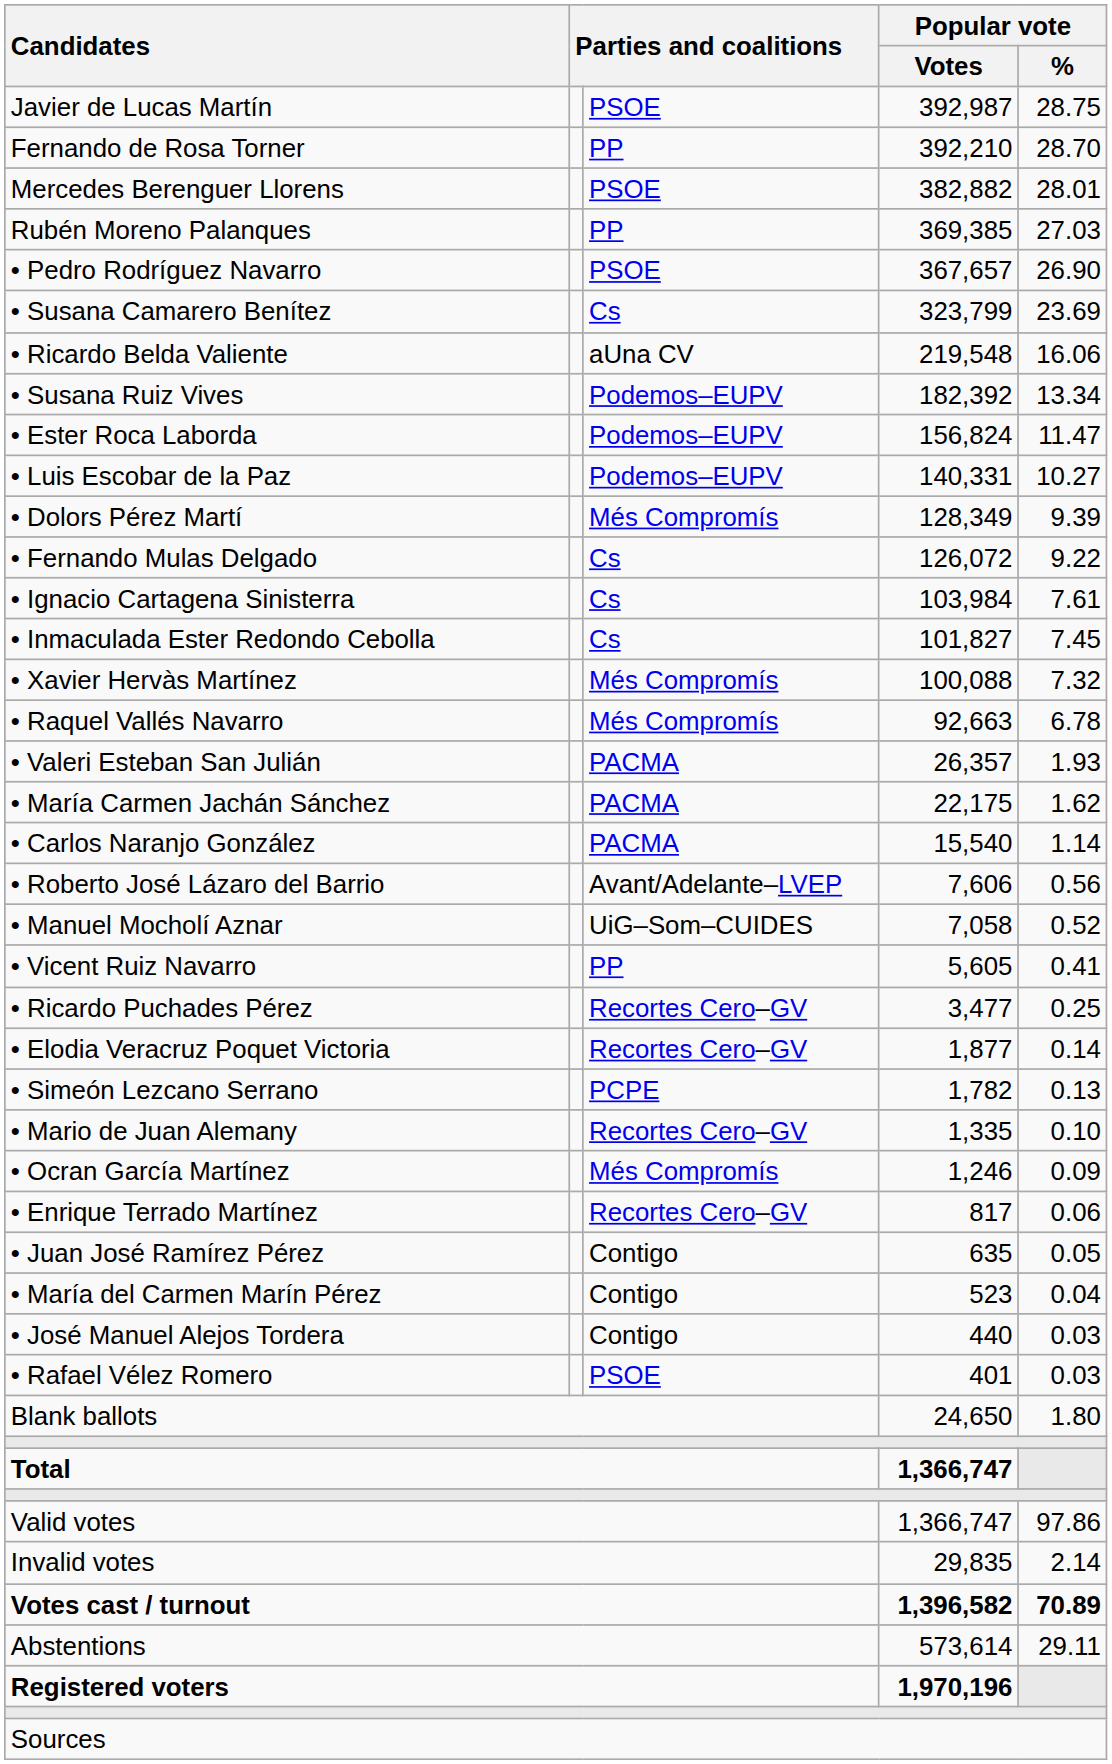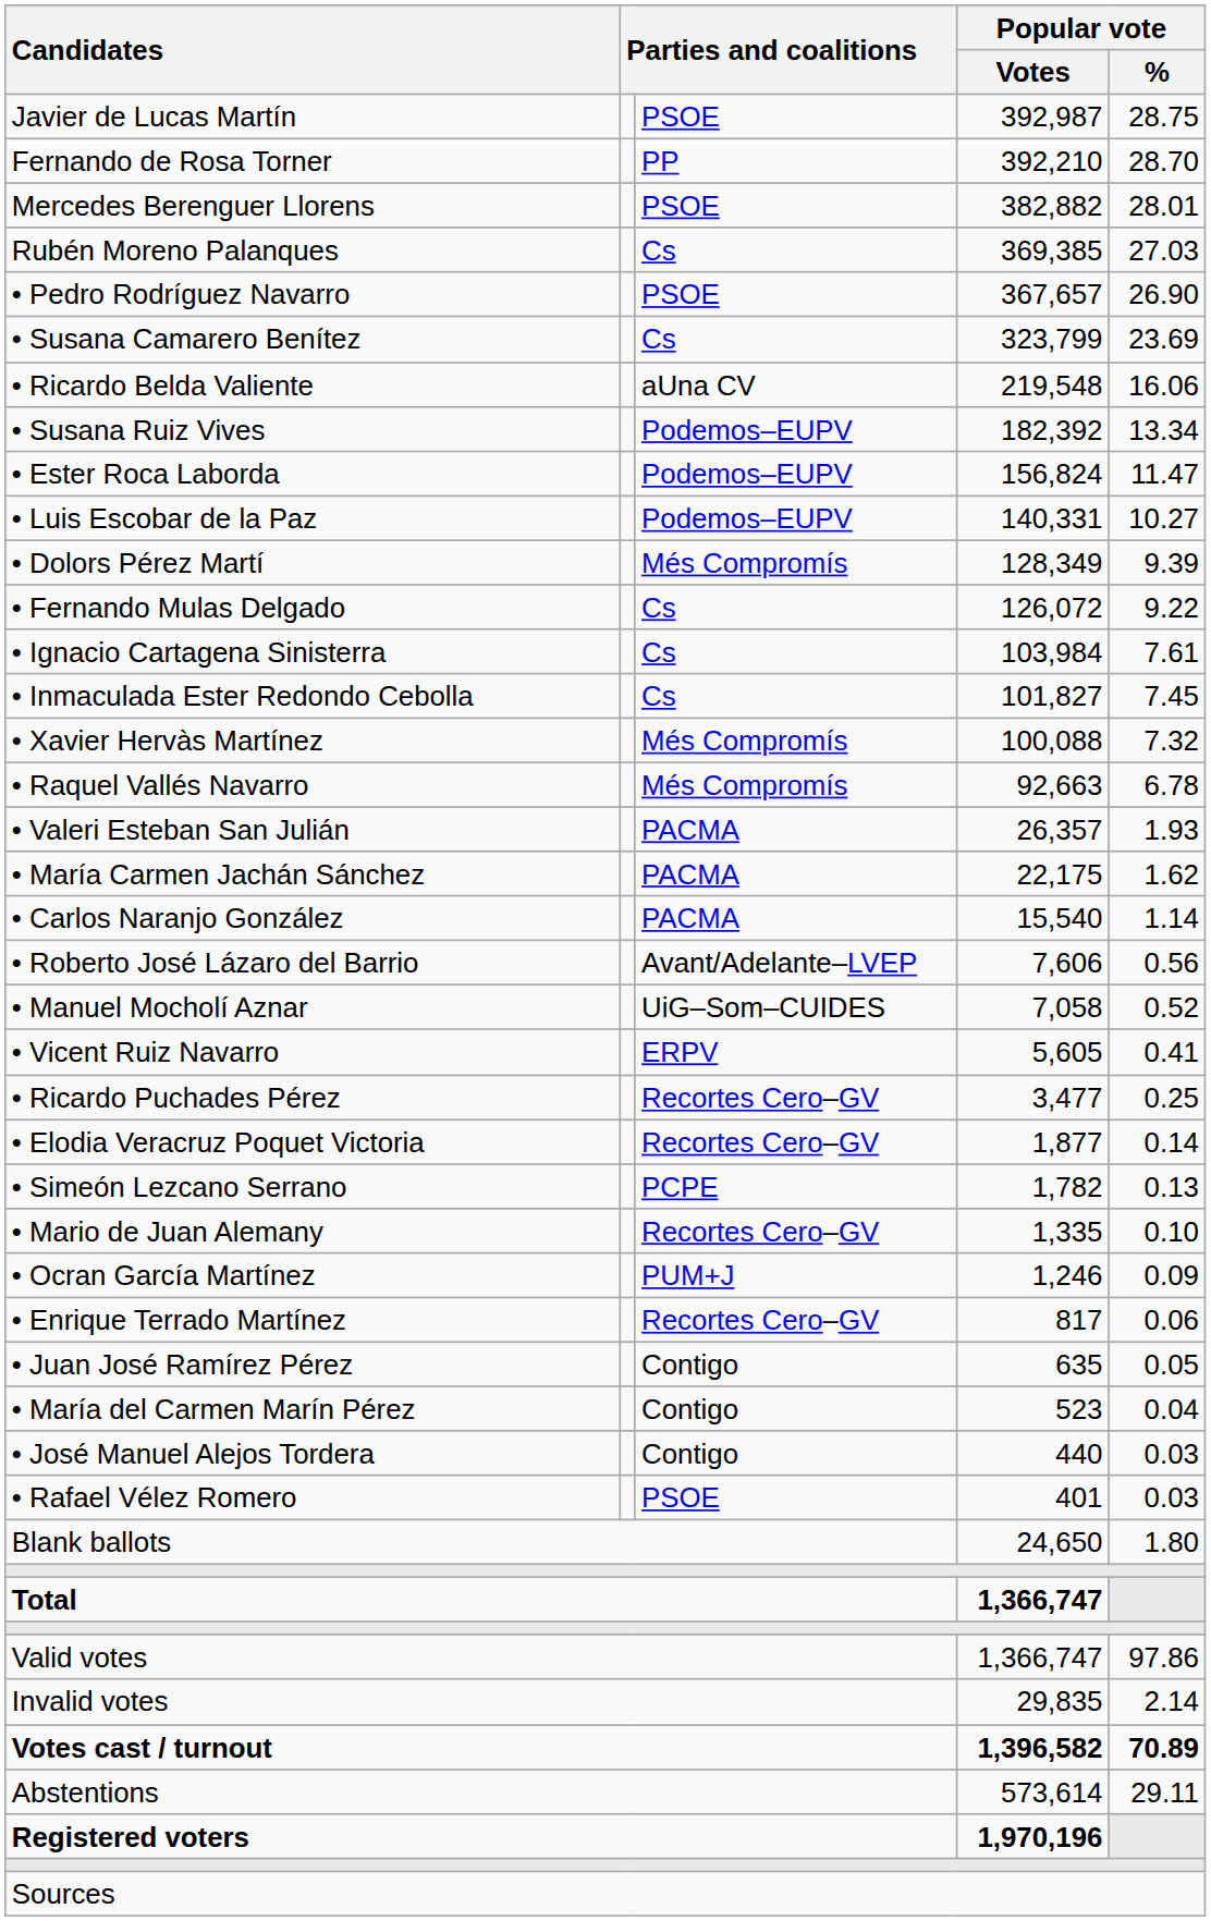 <table class="wikitable" style="text-align:right; font-size:95%;">
 <tr>
 <th style="text-align:left;" rowspan="2" width="325">Candidates</th>
 <th style="text-align:left;" rowspan="2" colspan="2" width="175">Parties and coalitions</th>
 <th colspan="2">Popular vote</th>
 </tr>
 <tr>
 <th width="75">Votes</th>
 <th width="45">%</th>
 </tr>
 <tr>
 <td align="left"> Javier de Lucas Martín</td>
 <td width="1" style="color:inherit;background:"></td>
 <td align="left"><a href='#'>PSOE</a></td>
 <td>392,987</td>
 <td>28.75</td>
 </tr>
 <tr>
 <td align="left"> Fernando de Rosa Torner</td>
 <td style="color:inherit;background:"></td>
 <td align="left"><a href='#'>PP</a></td>
 <td>392,210</td>
 <td>28.70</td>
 </tr>
 <tr>
 <td align="left"> Mercedes Berenguer Llorens</td>
 <td style="color:inherit;background:"></td>
 <td align="left"><a href='#'>PSOE</a></td>
 <td>382,882</td>
 <td>28.01</td>
 </tr>
 <tr>
 <td align="left"> Rubén Moreno Palanques</td>
 <td style="color:inherit;background:"></td>
-<td align="left"><a href='#'>PP</a></td>
+<td align="left"><a href='#'>Cs</a></td>
 <td>369,385</td>
 <td>27.03</td>
 </tr>
 <tr>
 <td align="left">• Pedro Rodríguez Navarro</td>
 <td style="color:inherit;background:"></td>
 <td align="left"><a href='#'>PSOE</a></td>
 <td>367,657</td>
 <td>26.90</td>
 </tr>
 <tr>
 <td align="left">• Susana Camarero Benítez</td>
 <td style="color:inherit;background:"></td>
 <td align="left"><a href='#'>Cs</a></td>
 <td>323,799</td>
 <td>23.69</td>
 </tr>
 <tr>
 <td align="left">• Ricardo Belda Valiente</td>
 <td style="color:inherit;background:"></td>
 <td align="left">aUna CV</td>
 <td>219,548</td>
 <td>16.06</td>
 </tr>
 <tr>
 <td align="left">• Susana Ruiz Vives</td>
 <td style="color:inherit;background:"></td>
 <td align="left"><a href='#'>Podemos–EUPV</a></td>
 <td>182,392</td>
 <td>13.34</td>
 </tr>
 <tr>
 <td align="left">• Ester Roca Laborda</td>
 <td style="color:inherit;background:"></td>
 <td align="left"><a href='#'>Podemos–EUPV</a></td>
 <td>156,824</td>
 <td>11.47</td>
 </tr>
 <tr>
 <td align="left">• Luis Escobar de la Paz</td>
 <td style="color:inherit;background:"></td>
 <td align="left"><a href='#'>Podemos–EUPV</a></td>
 <td>140,331</td>
 <td>10.27</td>
 </tr>
 <tr>
 <td align="left">• Dolors Pérez Martí</td>
 <td style="color:inherit;background:"></td>
 <td align="left"><a href='#'>Més Compromís</a></td>
 <td>128,349</td>
 <td>9.39</td>
 </tr>
 <tr>
 <td align="left">• Fernando Mulas Delgado</td>
 <td style="color:inherit;background:"></td>
 <td align="left"><a href='#'>Cs</a></td>
 <td>126,072</td>
 <td>9.22</td>
 </tr>
 <tr>
 <td align="left">• Ignacio Cartagena Sinisterra</td>
 <td style="color:inherit;background:"></td>
 <td align="left"><a href='#'>Cs</a></td>
 <td>103,984</td>
 <td>7.61</td>
 </tr>
 <tr>
 <td align="left">• Inmaculada Ester Redondo Cebolla</td>
 <td style="color:inherit;background:"></td>
 <td align="left"><a href='#'>Cs</a></td>
 <td>101,827</td>
 <td>7.45</td>
 </tr>
 <tr>
 <td align="left">• Xavier Hervàs Martínez</td>
 <td style="color:inherit;background:"></td>
 <td align="left"><a href='#'>Més Compromís</a></td>
 <td>100,088</td>
 <td>7.32</td>
 </tr>
 <tr>
 <td align="left">• Raquel Vallés Navarro</td>
 <td style="color:inherit;background:"></td>
 <td align="left"><a href='#'>Més Compromís</a></td>
 <td>92,663</td>
 <td>6.78</td>
 </tr>
 <tr>
 <td align="left">• Valeri Esteban San Julián</td>
 <td style="color:inherit;background:"></td>
 <td align="left"><a href='#'>PACMA</a></td>
 <td>26,357</td>
 <td>1.93</td>
 </tr>
 <tr>
 <td align="left">• María Carmen Jachán Sánchez</td>
 <td style="color:inherit;background:"></td>
 <td align="left"><a href='#'>PACMA</a></td>
 <td>22,175</td>
 <td>1.62</td>
 </tr>
 <tr>
 <td align="left">• Carlos Naranjo González</td>
 <td style="color:inherit;background:"></td>
 <td align="left"><a href='#'>PACMA</a></td>
 <td>15,540</td>
 <td>1.14</td>
 </tr>
 <tr>
 <td align="left">• Roberto José Lázaro del Barrio</td>
 <td style="color:inherit;background:"></td>
 <td align="left">Avant/Adelante–<a href='#'>LVEP</a></td>
 <td>7,606</td>
 <td>0.56</td>
 </tr>
 <tr>
 <td align="left">• Manuel Mocholí Aznar</td>
 <td style="color:inherit;background:"></td>
 <td align="left">UiG–Som–CUIDES</td>
 <td>7,058</td>
 <td>0.52</td>
 </tr>
 <tr>
 <td align="left">• Vicent Ruiz Navarro</td>
 <td style="color:inherit;background:"></td>
-<td align="left"><a href='#'>PP</a></td>
+<td align="left"><a href='#'>ERPV</a></td>
 <td>5,605</td>
 <td>0.41</td>
 </tr>
 <tr>
 <td align="left">• Ricardo Puchades Pérez</td>
 <td style="color:inherit;background:"></td>
 <td align="left"><a href='#'>Recortes Cero</a>–<a href='#'>GV</a></td>
 <td>3,477</td>
 <td>0.25</td>
 </tr>
 <tr>
 <td align="left">• Elodia Veracruz Poquet Victoria</td>
 <td style="color:inherit;background:"></td>
 <td align="left"><a href='#'>Recortes Cero</a>–<a href='#'>GV</a></td>
 <td>1,877</td>
 <td>0.14</td>
 </tr>
 <tr>
 <td align="left">• Simeón Lezcano Serrano</td>
 <td style="color:inherit;background:"></td>
 <td align="left"><a href='#'>PCPE</a></td>
 <td>1,782</td>
 <td>0.13</td>
 </tr>
 <tr>
 <td align="left">• Mario de Juan Alemany</td>
 <td style="color:inherit;background:"></td>
 <td align="left"><a href='#'>Recortes Cero</a>–<a href='#'>GV</a></td>
 <td>1,335</td>
 <td>0.10</td>
 </tr>
 <tr>
 <td align="left">• Ocran García Martínez</td>
 <td style="color:inherit;background:"></td>
-<td align="left"><a href='#'>Més Compromís</a></td>
+<td align="left"><a href='#'>PUM+J</a></td>
 <td>1,246</td>
 <td>0.09</td>
 </tr>
 <tr>
 <td align="left">• Enrique Terrado Martínez</td>
 <td style="color:inherit;background:"></td>
 <td align="left"><a href='#'>Recortes Cero</a>–<a href='#'>GV</a></td>
 <td>817</td>
 <td>0.06</td>
 </tr>
 <tr>
 <td align="left">• Juan José Ramírez Pérez</td>
 <td style="color:inherit;background:"></td>
 <td align="left">Contigo</td>
 <td>635</td>
 <td>0.05</td>
 </tr>
 <tr>
 <td align="left">• María del Carmen Marín Pérez</td>
 <td style="color:inherit;background:"></td>
 <td align="left">Contigo</td>
 <td>523</td>
 <td>0.04</td>
 </tr>
 <tr>
 <td align="left">• José Manuel Alejos Tordera</td>
 <td style="color:inherit;background:"></td>
 <td align="left">Contigo</td>
 <td>440</td>
 <td>0.03</td>
 </tr>
 <tr>
 <td align="left">• Rafael Vélez Romero</td>
 <td style="color:inherit;background:"></td>
 <td align="left"><a href='#'>PSOE</a></td>
 <td>401</td>
 <td>0.03</td>
 </tr>
 <tr>
 <td align="left" colspan="3">Blank ballots</td>
 <td>24,650</td>
 <td>1.80</td>
 </tr>
 <tr>
 <td colspan="5" bgcolor="#E9E9E9"></td>
 </tr>
 <tr style="font-weight:bold;">
 <td align="left" colspan="3">Total</td>
 <td>1,366,747</td>
 <td bgcolor="#E9E9E9"></td>
 </tr>
 <tr>
 <td colspan="5" bgcolor="#E9E9E9"></td>
 </tr>
 <tr>
 <td align="left" colspan="3">Valid votes</td>
 <td>1,366,747</td>
 <td>97.86</td>
 </tr>
 <tr>
 <td align="left" colspan="3">Invalid votes</td>
 <td>29,835</td>
 <td>2.14</td>
 </tr>
 <tr style="font-weight:bold;">
 <td align="left" colspan="3">Votes cast / turnout</td>
 <td>1,396,582</td>
 <td>70.89</td>
 </tr>
 <tr>
 <td align="left" colspan="3">Abstentions</td>
 <td>573,614</td>
 <td>29.11</td>
 </tr>
 <tr style="font-weight:bold;">
 <td align="left" colspan="3">Registered voters</td>
 <td>1,970,196</td>
 <td bgcolor="#E9E9E9"></td>
 </tr>
 <tr>
 <td colspan="5" bgcolor="#E9E9E9"></td>
 </tr>
 <tr>
 <td align="left" colspan="5">Sources</td>
 </tr>
 </table>
